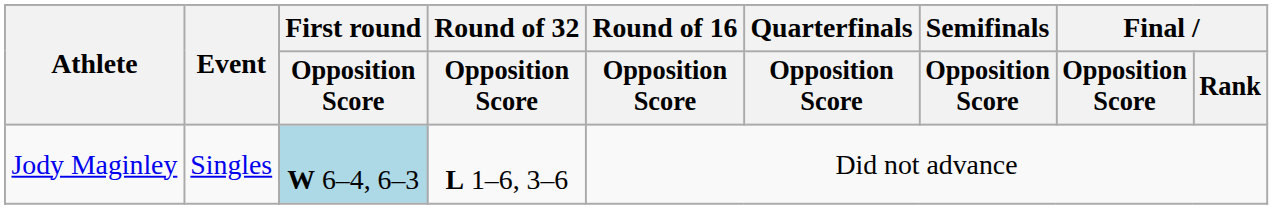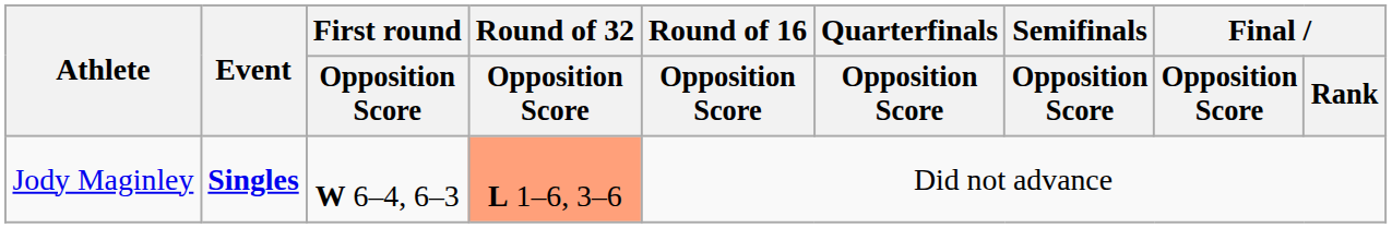 <table class=wikitable style="font-size:90%">
 <tr>
 <th rowspan="2">Athlete</th>
 <th rowspan="2">Event</th>
 <th>First round</th>
 <th>Round of 32</th>
 <th>Round of 16</th>
 <th>Quarterfinals</th>
 <th>Semifinals</th>
 <th colspan=2>Final / </th>
 </tr>
 <tr style="font-size:95%">
 <th>Opposition<br>Score</th>
 <th>Opposition<br>Score</th>
 <th>Opposition<br>Score</th>
 <th>Opposition<br>Score</th>
 <th>Opposition<br>Score</th>
 <th>Opposition<br>Score</th>
 <th>Rank</th>
 </tr>
 <tr align=center>
 <td align=left><a href='#'>Jody Maginley</a></td>
-<td align=left><a href='#'>Singles</a></td>
-<td style="background: lightblue;"><br><strong>W</strong> 6–4, 6–3</td>
-<td><br><strong>L</strong> 1–6, 3–6</td>
+<td align=left><strong><a href='#'>Singles</a></strong></td>
+<td><br><strong>W</strong> 6–4, 6–3</td>
+<td style="background: lightsalmon;"><br><strong>L</strong> 1–6, 3–6</td>
 <td align=center colspan=6>Did not advance</td>
 </tr>
 </table>
